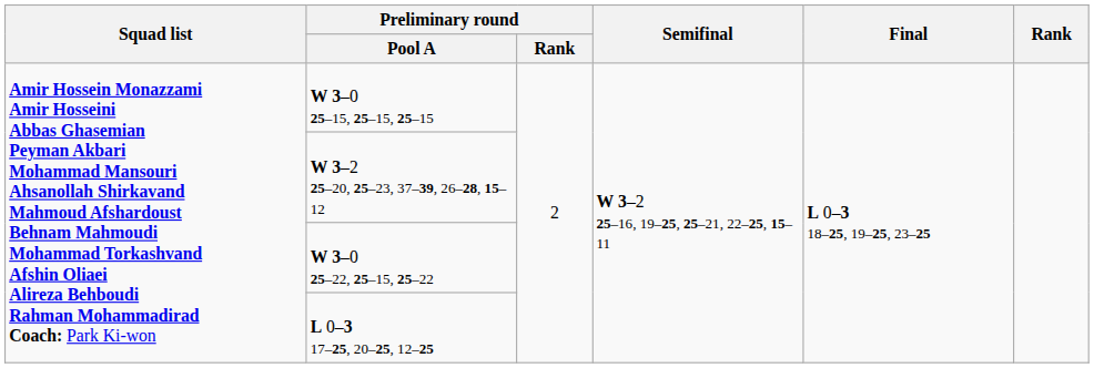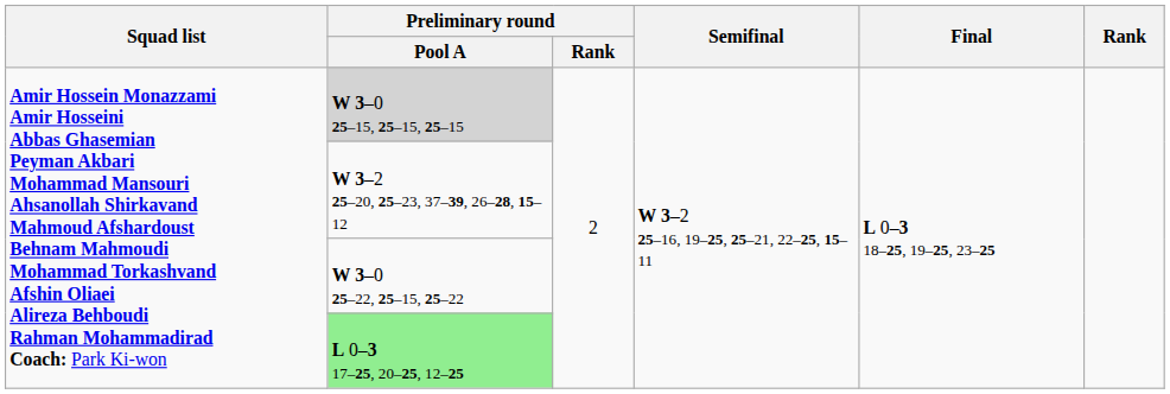 <table class="wikitable" width="71%" style="text-align:left; font-size:90%">
 <tr>
 <th rowspan="2" width="20%">Squad list</th>
 <th colspan="2">Preliminary round</th>
 <th rowspan="2" width="14%">Semifinal</th>
 <th rowspan="2" width="14%">Final</th>
 <th rowspan="2" width="5%">Rank</th>
 </tr>
 <tr>
 <th width="14%">Pool A</th>
 <th width="5%">Rank</th>
 </tr>
 <tr>
 <td rowspan="4"><strong><a href='#'>Amir Hossein Monazzami</a><br><a href='#'>Amir Hosseini</a><br><a href='#'>Abbas Ghasemian</a><br><a href='#'>Peyman Akbari</a><br><a href='#'>Mohammad Mansouri</a><br><a href='#'>Ahsanollah Shirkavand</a><br><a href='#'>Mahmoud Afshardoust</a><br><a href='#'>Behnam Mahmoudi</a><br><a href='#'>Mohammad Torkashvand</a><br><a href='#'>Afshin Oliaei</a><br><a href='#'>Alireza Behboudi</a><br><a href='#'>Rahman Mohammadirad</a><br> Coach:</strong>  <a href='#'>Park Ki-won</a></td>
-<td><br><strong>W</strong> <strong>3</strong>–0<br><small><strong>25</strong>–15, <strong>25</strong>–15, <strong>25</strong>–15</small></td>
+<td style="background: lightgrey;"><br><strong>W</strong> <strong>3</strong>–0<br><small><strong>25</strong>–15, <strong>25</strong>–15, <strong>25</strong>–15</small></td>
 <td rowspan="4" align=center>2 <strong></strong></td>
 <td rowspan="4"><br><strong>W</strong> <strong>3</strong>–2<br><small><strong>25</strong>–16, 19–<strong>25</strong>, <strong>25</strong>–21, 22–<strong>25</strong>, <strong>15</strong>–11</small></td>
 <td rowspan="4"><br><strong>L</strong> 0–<strong>3</strong><br><small>18–<strong>25</strong>, 19–<strong>25</strong>, 23–<strong>25</strong></small></td>
 <td rowspan="4" align="center"></td>
 </tr>
 <tr>
 <td><br><strong>W</strong> <strong>3</strong>–2<br><small><strong>25</strong>–20, <strong>25</strong>–23, 37–<strong>39</strong>, 26–<strong>28</strong>, <strong>15</strong>–12</small></td>
 </tr>
 <tr>
 <td><br><strong>W</strong> <strong>3</strong>–0<br><small><strong>25</strong>–22, <strong>25</strong>–15, <strong>25</strong>–22</small></td>
 </tr>
 <tr>
-<td><br><strong>L</strong> 0–<strong>3</strong><br><small>17–<strong>25</strong>, 20–<strong>25</strong>, 12–<strong>25</strong></small></td>
+<td style="background: lightgreen;"><br><strong>L</strong> 0–<strong>3</strong><br><small>17–<strong>25</strong>, 20–<strong>25</strong>, 12–<strong>25</strong></small></td>
 </tr>
 </table>
